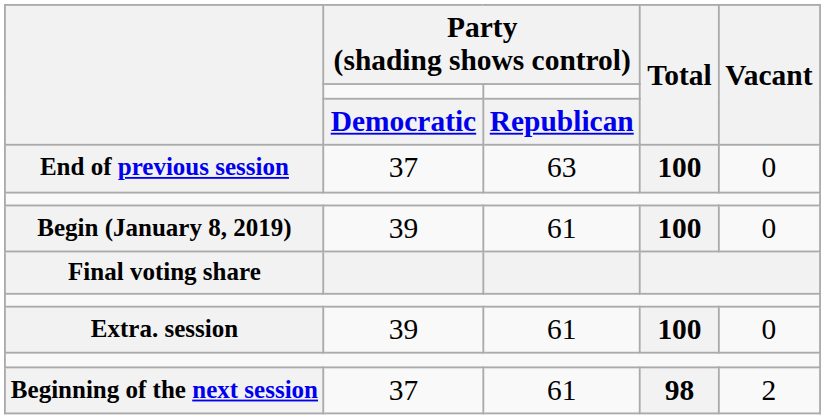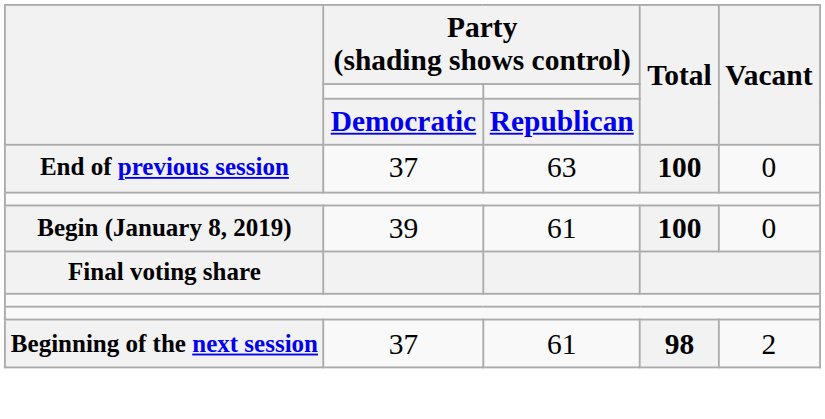 <table class="wikitable" style="text-align:center">
 <tr>
 <th rowspan="3" scope="col"> </th>
 <th colspan="2" scope="col">Party<div>(shading shows control)</div></th>
 <th rowspan="3" scope="col">Total</th>
 <th rowspan="3" scope="col">Vacant</th>
 </tr>
 <tr style="height:5px">
 <td style="background-color:"></td>
 <td style="background-color:"></td>
 </tr>
 <tr>
 <th scope="col"><a href='#'>Democratic</a></th>
 <th scope="col"><a href='#'>Republican</a></th>
 </tr>
 <tr>
 <th scope="row" style="font-size:85%">End of <a href='#'>previous session</a></th>
 <td>37</td>
 <td>63</td>
 <th>100</th>
 <td>0</td>
 </tr>
 <tr>
 <td colspan="5"></td>
 </tr>
 <tr>
 <th scope="row" style="font-size:85%">Begin (January 8, 2019)</th>
 <td>39</td>
 <td>61</td>
 <th>100</th>
 <td>0</td>
 </tr>
 <tr>
 <th scope="row" style="font-size:85%">Final voting share</th>
 <th></th>
 <th></th>
 <th colspan="2"></th>
 </tr>
 <tr>
 <td colspan="5"></td>
 </tr>
 <tr>
-<th scope="row" style="font-size:85%">Extra. session</th>
-<td>39</td>
-<td>61</td>
-<th>100</th>
-<td>0</td>
-</tr>
-<tr>
 <td colspan="5"></td>
 </tr>
 <tr>
 <th scope="row" style="font-size:85%">Beginning of the <a href='#'>next session</a></th>
 <td>37</td>
 <td>61</td>
 <th>98</th>
 <td>2</td>
 </tr>
 </table>
